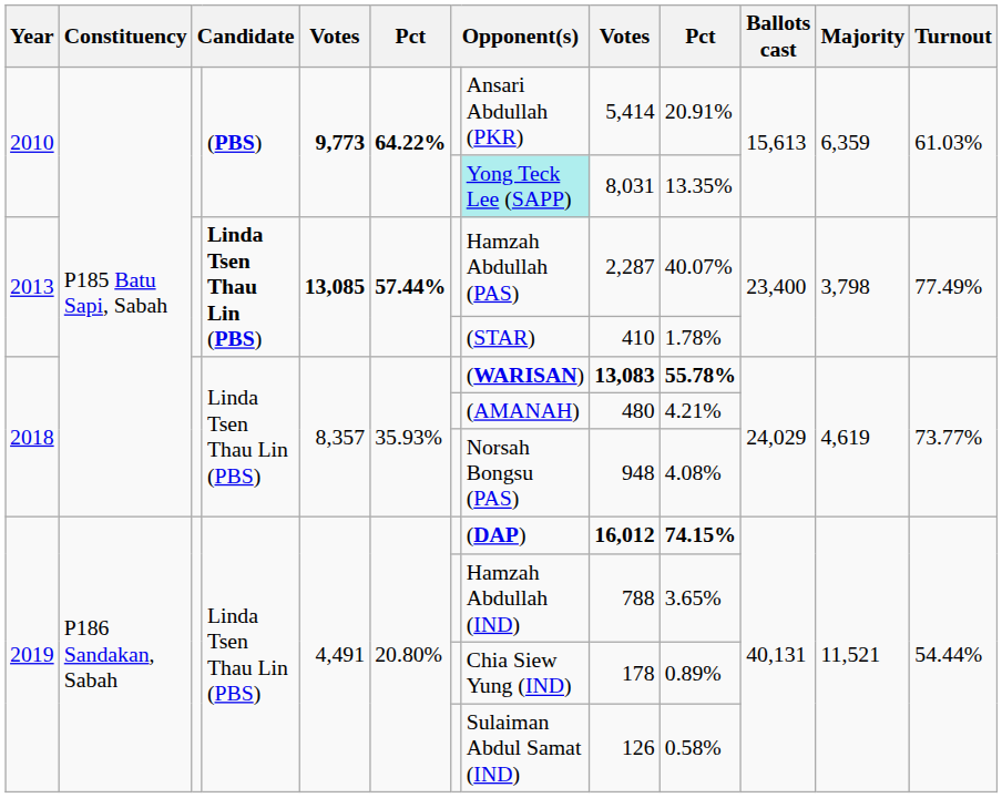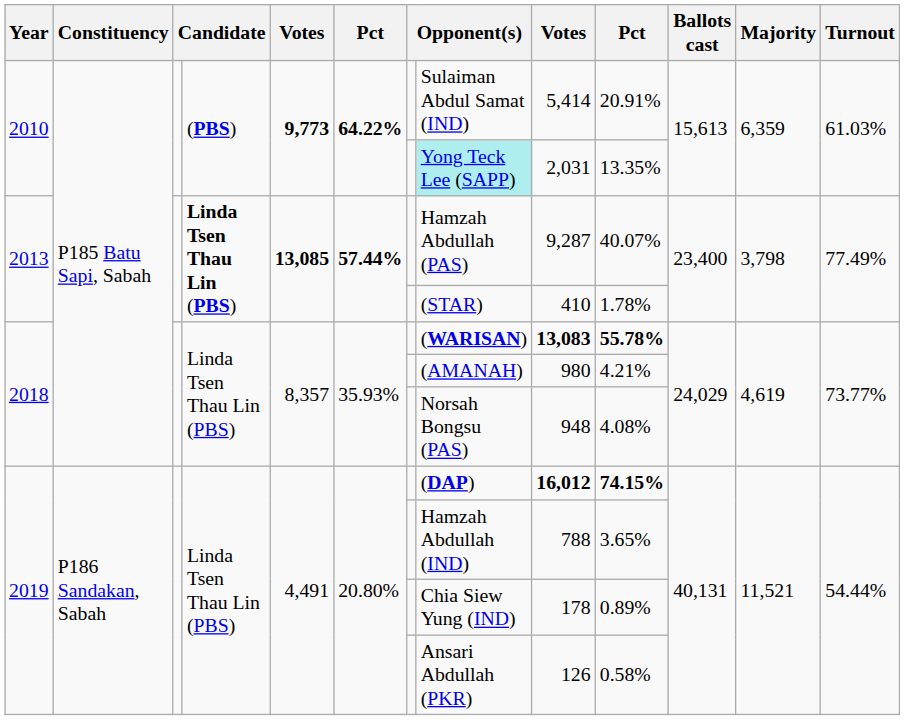 <table class="wikitable" style="margin:0.5em ; font-size:95%">
 <tr>
 <th>Year</th>
 <th>Constituency</th>
 <th colspan=2>Candidate</th>
 <th>Votes</th>
 <th>Pct</th>
 <th colspan=2>Opponent(s)</th>
 <th>Votes</th>
 <th>Pct</th>
 <th>Ballots cast</th>
 <th>Majority</th>
 <th>Turnout</th>
 </tr>
 <tr>
 <td rowspan=2><a href='#'>2010</a></td>
 <td rowspan=7>P185 <a href='#'>Batu Sapi</a>, Sabah</td>
 <td rowspan=2 ></td>
 <td rowspan=2> (<a href='#'><strong>PBS</strong></a>)</td>
 <td rowspan=2 align="right"><strong>9,773</strong></td>
 <td rowspan=2><strong>64.22%</strong></td>
 <td></td>
-<td>Ansari Abdullah (<a href='#'>PKR</a>)</td>
+<td>Sulaiman Abdul Samat  (<a href='#'>IND</a>)</td>
 <td align="right">5,414</td>
 <td>20.91%</td>
 <td rowspan=2>15,613</td>
 <td rowspan=2>6,359</td>
 <td rowspan=2>61.03%</td>
 </tr>
 <tr>
 <td></td>
 <td style="background: paleturquoise;"><a href='#'>Yong Teck Lee</a> (<a href='#'>SAPP</a>)</td>
-<td align="right">8,031</td>
+<td align="right">2,031</td>
 <td>13.35%</td>
 </tr>
 <tr>
 <td rowspan=2><a href='#'>2013</a></td>
 <td rowspan=2 ></td>
 <td rowspan=2><strong>Linda Tsen Thau Lin</strong> (<a href='#'><strong>PBS</strong></a>)</td>
 <td rowspan=2 align="right"><strong>13,085</strong></td>
 <td rowspan=2><strong>57.44%</strong></td>
 <td></td>
 <td>Hamzah Abdullah (<a href='#'>PAS</a>)</td>
-<td align="right">2,287</td>
+<td align="right">9,287</td>
 <td>40.07%</td>
 <td rowspan=2>23,400</td>
 <td rowspan=2>3,798</td>
 <td rowspan=2>77.49%</td>
 </tr>
 <tr>
 <td></td>
 <td> (<a href='#'>STAR</a>)</td>
 <td align="right">410</td>
 <td>1.78%</td>
 </tr>
 <tr>
 <td rowspan=3><a href='#'>2018</a></td>
 <td rowspan=3 ></td>
 <td rowspan=3>Linda Tsen Thau Lin (<a href='#'>PBS</a>)</td>
 <td rowspan=3 align="right">8,357</td>
 <td rowspan=3>35.93%</td>
 <td></td>
 <td> (<a href='#'><strong>WARISAN</strong></a>)</td>
 <td align="right"><strong>13,083</strong></td>
 <td><strong>55.78%</strong></td>
 <td rowspan=3>24,029</td>
 <td rowspan=3>4,619</td>
 <td rowspan=3>73.77%</td>
 </tr>
 <tr>
 <td></td>
 <td> (<a href='#'>AMANAH</a>)</td>
-<td align="right">480</td>
+<td align="right">980</td>
 <td>4.21%</td>
 </tr>
 <tr>
 <td></td>
 <td>Norsah Bongsu (<a href='#'>PAS</a>)</td>
 <td align="right">948</td>
 <td>4.08%</td>
 </tr>
 <tr>
 <td rowspan="4"><a href='#'>2019</a></td>
 <td rowspan="4">P186 <a href='#'>Sandakan</a>, Sabah</td>
 <td rowspan="4" ></td>
 <td rowspan="4">Linda Tsen Thau Lin (<a href='#'>PBS</a>)</td>
 <td rowspan="4" align="right">4,491</td>
 <td rowspan="4">20.80%</td>
 <td></td>
 <td> (<a href='#'><strong>DAP</strong></a>)</td>
 <td align=right><strong>16,012</strong></td>
 <td><strong>74.15%</strong></td>
 <td rowspan=4>40,131</td>
 <td rowspan=4>11,521</td>
 <td rowspan=4>54.44%</td>
 </tr>
 <tr>
 <td></td>
 <td>Hamzah Abdullah  (<a href='#'>IND</a>)</td>
 <td align="right">788</td>
 <td>3.65%</td>
 </tr>
 <tr>
 <td></td>
 <td>Chia Siew Yung  (<a href='#'>IND</a>)</td>
 <td align="right">178</td>
 <td>0.89%</td>
 </tr>
 <tr>
 <td></td>
-<td>Sulaiman Abdul Samat  (<a href='#'>IND</a>)</td>
+<td>Ansari Abdullah (<a href='#'>PKR</a>)</td>
 <td align="right">126</td>
 <td>0.58%</td>
 </tr>
 </table>
